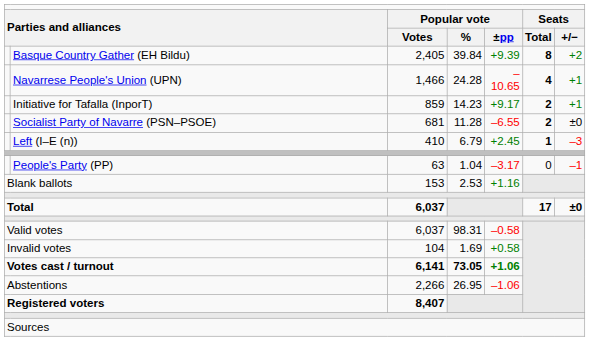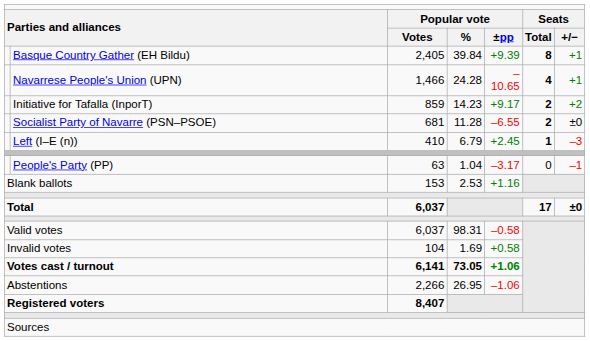 <table class="wikitable" style="text-align:right;">
 <tr>
 <td colspan="7"></td>
 </tr>
 <tr>
 <th style="text-align:left;" rowspan="2" colspan="2" width="525">Parties and alliances</th>
 <th colspan="3">Popular vote</th>
 <th colspan="2">Seats</th>
 </tr>
 <tr>
 <th width="75">Votes</th>
 <th width="45">%</th>
 <th width="45">±<a href='#'>pp</a></th>
 <th width="35">Total</th>
 <th width="35">+/−</th>
 </tr>
 <tr>
 <td width="1" style="color:inherit;background:"></td>
 <td align="left"><a href='#'>Basque Country Gather</a> (EH Bildu)</td>
 <td>2,405</td>
 <td>39.84</td>
 <td style="color:green;">+9.39</td>
 <td><strong>8</strong></td>
-<td style="color:green;">+2</td>
+<td style="color:green;">+1</td>
 </tr>
 <tr>
 <td style="color:inherit;background:"></td>
 <td align="left"><a href='#'>Navarrese People's Union</a> (UPN)</td>
 <td>1,466</td>
 <td>24.28</td>
 <td style="color:red;">–10.65</td>
 <td><strong>4</strong></td>
 <td style="color:green;">+1</td>
 </tr>
 <tr>
 <td style="color:inherit;background:"></td>
 <td align="left">Initiative for Tafalla (InporT)</td>
 <td>859</td>
 <td>14.23</td>
 <td style="color:green;">+9.17</td>
 <td><strong>2</strong></td>
-<td style="color:green;">+1</td>
+<td style="color:green;">+2</td>
 </tr>
 <tr>
 <td style="color:inherit;background:"></td>
 <td align="left"><a href='#'>Socialist Party of Navarre</a> (PSN–PSOE)</td>
 <td>681</td>
 <td>11.28</td>
 <td style="color:red;">–6.55</td>
 <td><strong>2</strong></td>
 <td>±0</td>
 </tr>
 <tr>
 <td style="color:inherit;background:"></td>
 <td align="left"><a href='#'>Left</a> (I–E (n))</td>
 <td>410</td>
 <td>6.79</td>
 <td style="color:green;">+2.45</td>
 <td><strong>1</strong></td>
 <td style="color:red;">–3</td>
 </tr>
 <tr>
 <td colspan="7" bgcolor="#C0C0C0"></td>
 </tr>
 <tr>
 <td style="color:inherit;background:"></td>
 <td align="left"><a href='#'>People's Party</a> (PP)</td>
 <td>63</td>
 <td>1.04</td>
 <td style="color:red;">–3.17</td>
 <td>0</td>
 <td style="color:red;">–1</td>
 </tr>
 <tr>
 <td align="left" colspan="2">Blank ballots</td>
 <td>153</td>
 <td>2.53</td>
 <td style="color:green;">+1.16</td>
 <td bgcolor="#E9E9E9" colspan="2"></td>
 </tr>
 <tr>
 <td colspan="7" bgcolor="#E9E9E9"></td>
 </tr>
 <tr style="font-weight:bold;">
 <td align="left" colspan="2">Total</td>
 <td>6,037</td>
 <td bgcolor="#E9E9E9" colspan="2"></td>
 <td>17</td>
 <td>±0</td>
 </tr>
 <tr>
 <td colspan="7" bgcolor="#E9E9E9"></td>
 </tr>
 <tr>
 <td align="left" colspan="2">Valid votes</td>
 <td>6,037</td>
 <td>98.31</td>
 <td style="color:red;">–0.58</td>
 <td bgcolor="#E9E9E9" colspan="2" rowspan="5"></td>
 </tr>
 <tr>
 <td align="left" colspan="2">Invalid votes</td>
 <td>104</td>
 <td>1.69</td>
 <td style="color:green;">+0.58</td>
 </tr>
 <tr style="font-weight:bold;">
 <td align="left" colspan="2">Votes cast / turnout</td>
 <td>6,141</td>
 <td>73.05</td>
 <td style="color:green;">+1.06</td>
 </tr>
 <tr>
 <td align="left" colspan="2">Abstentions</td>
 <td>2,266</td>
 <td>26.95</td>
 <td style="color:red;">–1.06</td>
 </tr>
 <tr style="font-weight:bold;">
 <td align="left" colspan="2">Registered voters</td>
 <td>8,407</td>
 <td bgcolor="#E9E9E9" colspan="2"></td>
 </tr>
 <tr>
 <td colspan="7" bgcolor="#E9E9E9"></td>
 </tr>
 <tr>
 <td align="left" colspan="7">Sources</td>
 </tr>
 </table>
